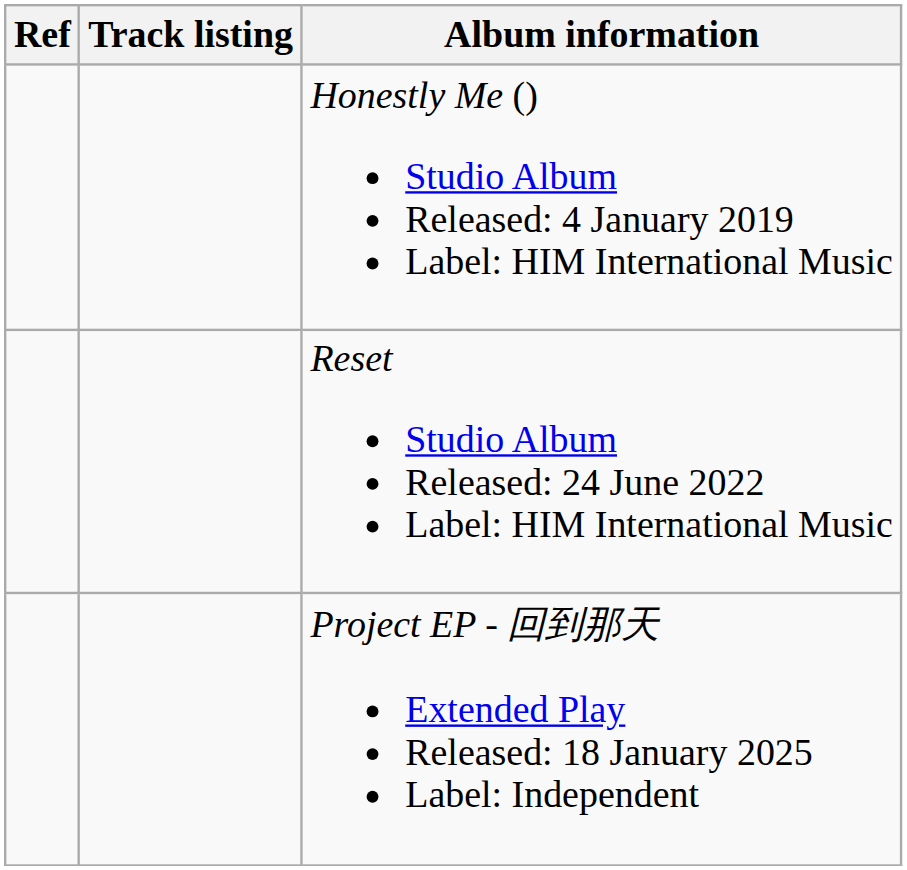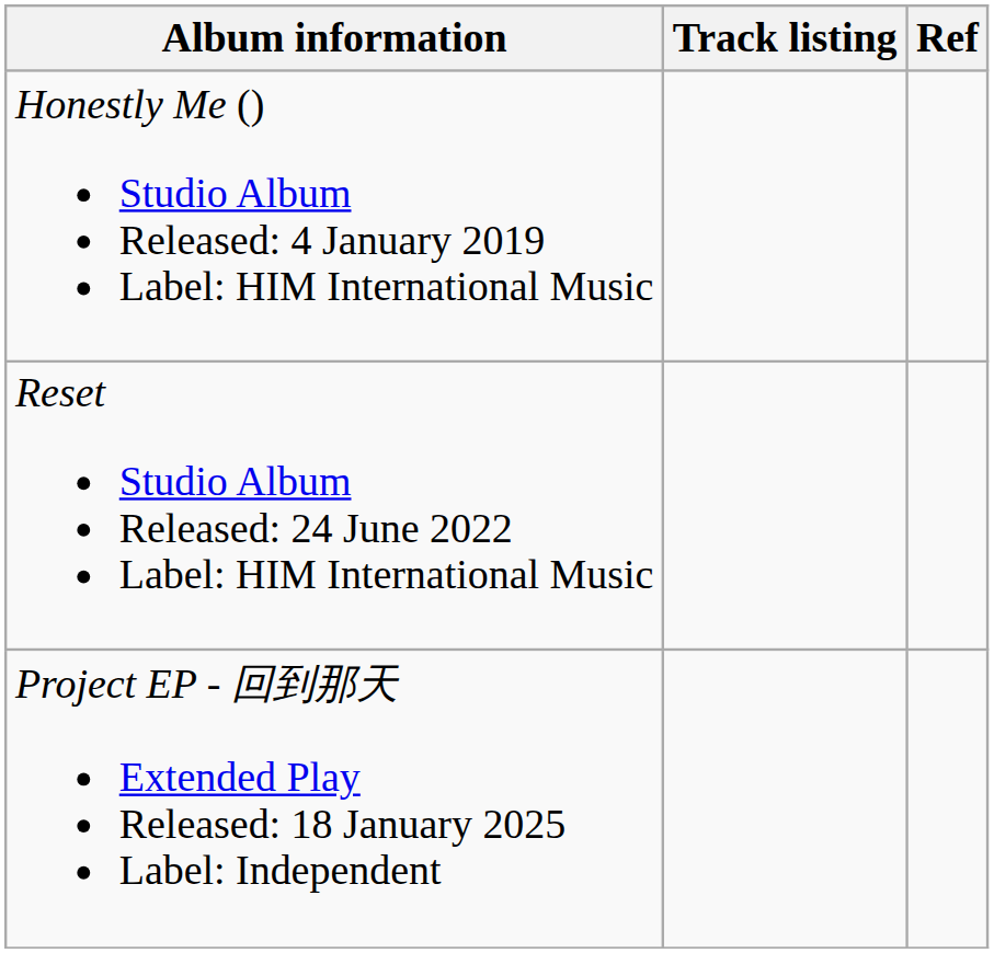 <table class="wikitable sortable">
 <tr>
+<th>Album information</th>
+<th>Track listing</th>
 <th class="unsortable">Ref</th>
-<th>Track listing</th>
-<th>Album information</th>
 </tr>
 <tr>
+<td><em>Honestly Me</em> ()<br><ul><li><a href='#'>Studio Album</a></li><li>Released: 4 January 2019</li><li>Label: HIM International Music</li></ul></td>
+<td style="font-size: 85%;"></td>
 <td></td>
-<td style="font-size: 85%;"></td>
-<td><em>Honestly Me</em> ()<br><ul><li><a href='#'>Studio Album</a></li><li>Released: 4 January 2019</li><li>Label: HIM International Music</li></ul></td>
 </tr>
 <tr>
+<td><em>Reset</em><br><ul><li><a href='#'>Studio Album</a></li><li>Released: 24 June 2022</li><li>Label: HIM International Music</li></ul></td>
+<td style="font-size: 85%;"></td>
 <td></td>
-<td style="font-size: 85%;"></td>
-<td><em>Reset</em><br><ul><li><a href='#'>Studio Album</a></li><li>Released: 24 June 2022</li><li>Label: HIM International Music</li></ul></td>
 </tr>
 <tr>
+<td><em>Project EP - 回到那天</em><br><ul><li><a href='#'>Extended Play</a></li><li>Released: 18 January 2025</li><li>Label: Independent</li></ul></td>
+<td style="font-size: 85%;"></td>
 <td></td>
-<td style="font-size: 85%;"></td>
-<td><em>Project EP - 回到那天</em><br><ul><li><a href='#'>Extended Play</a></li><li>Released: 18 January 2025</li><li>Label: Independent</li></ul></td>
 </tr>
 </table>
